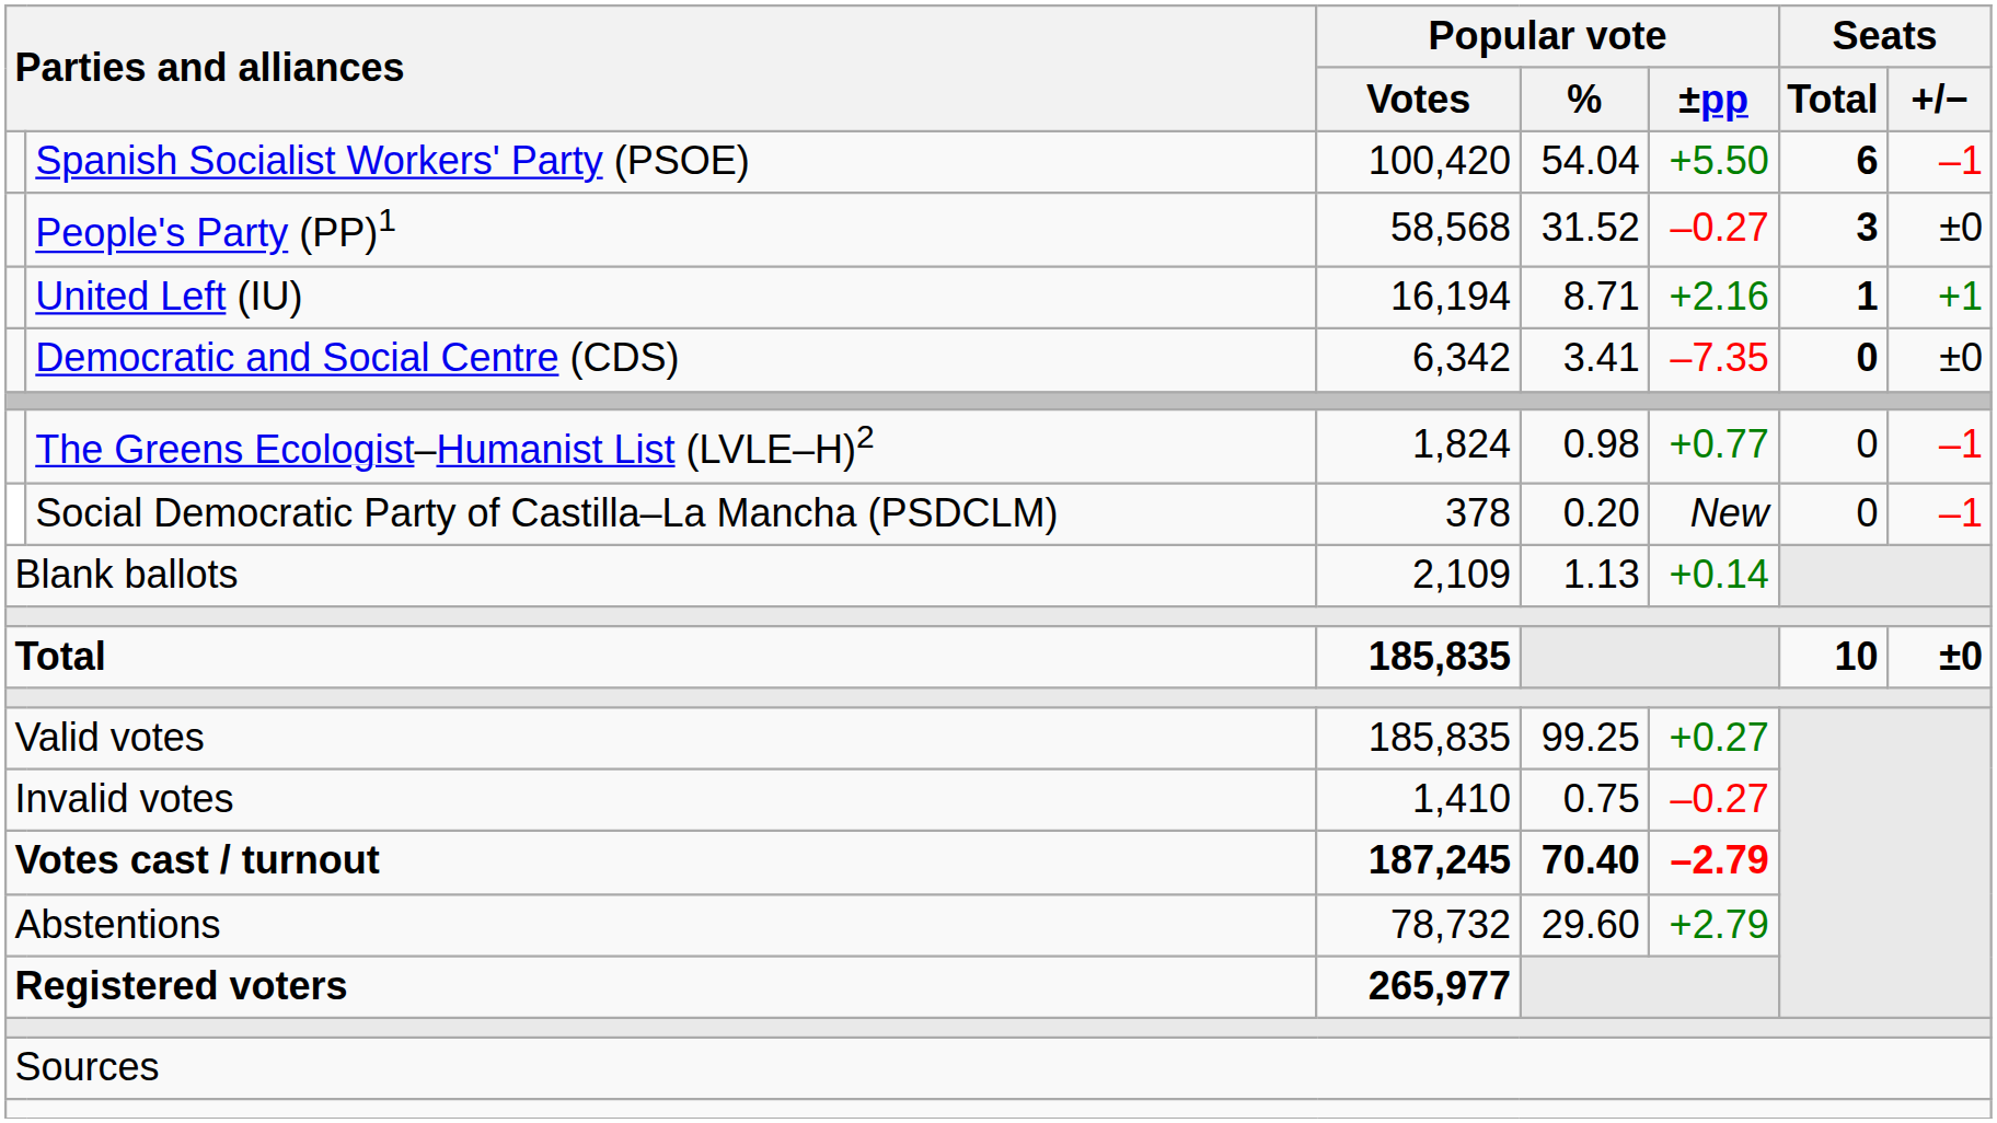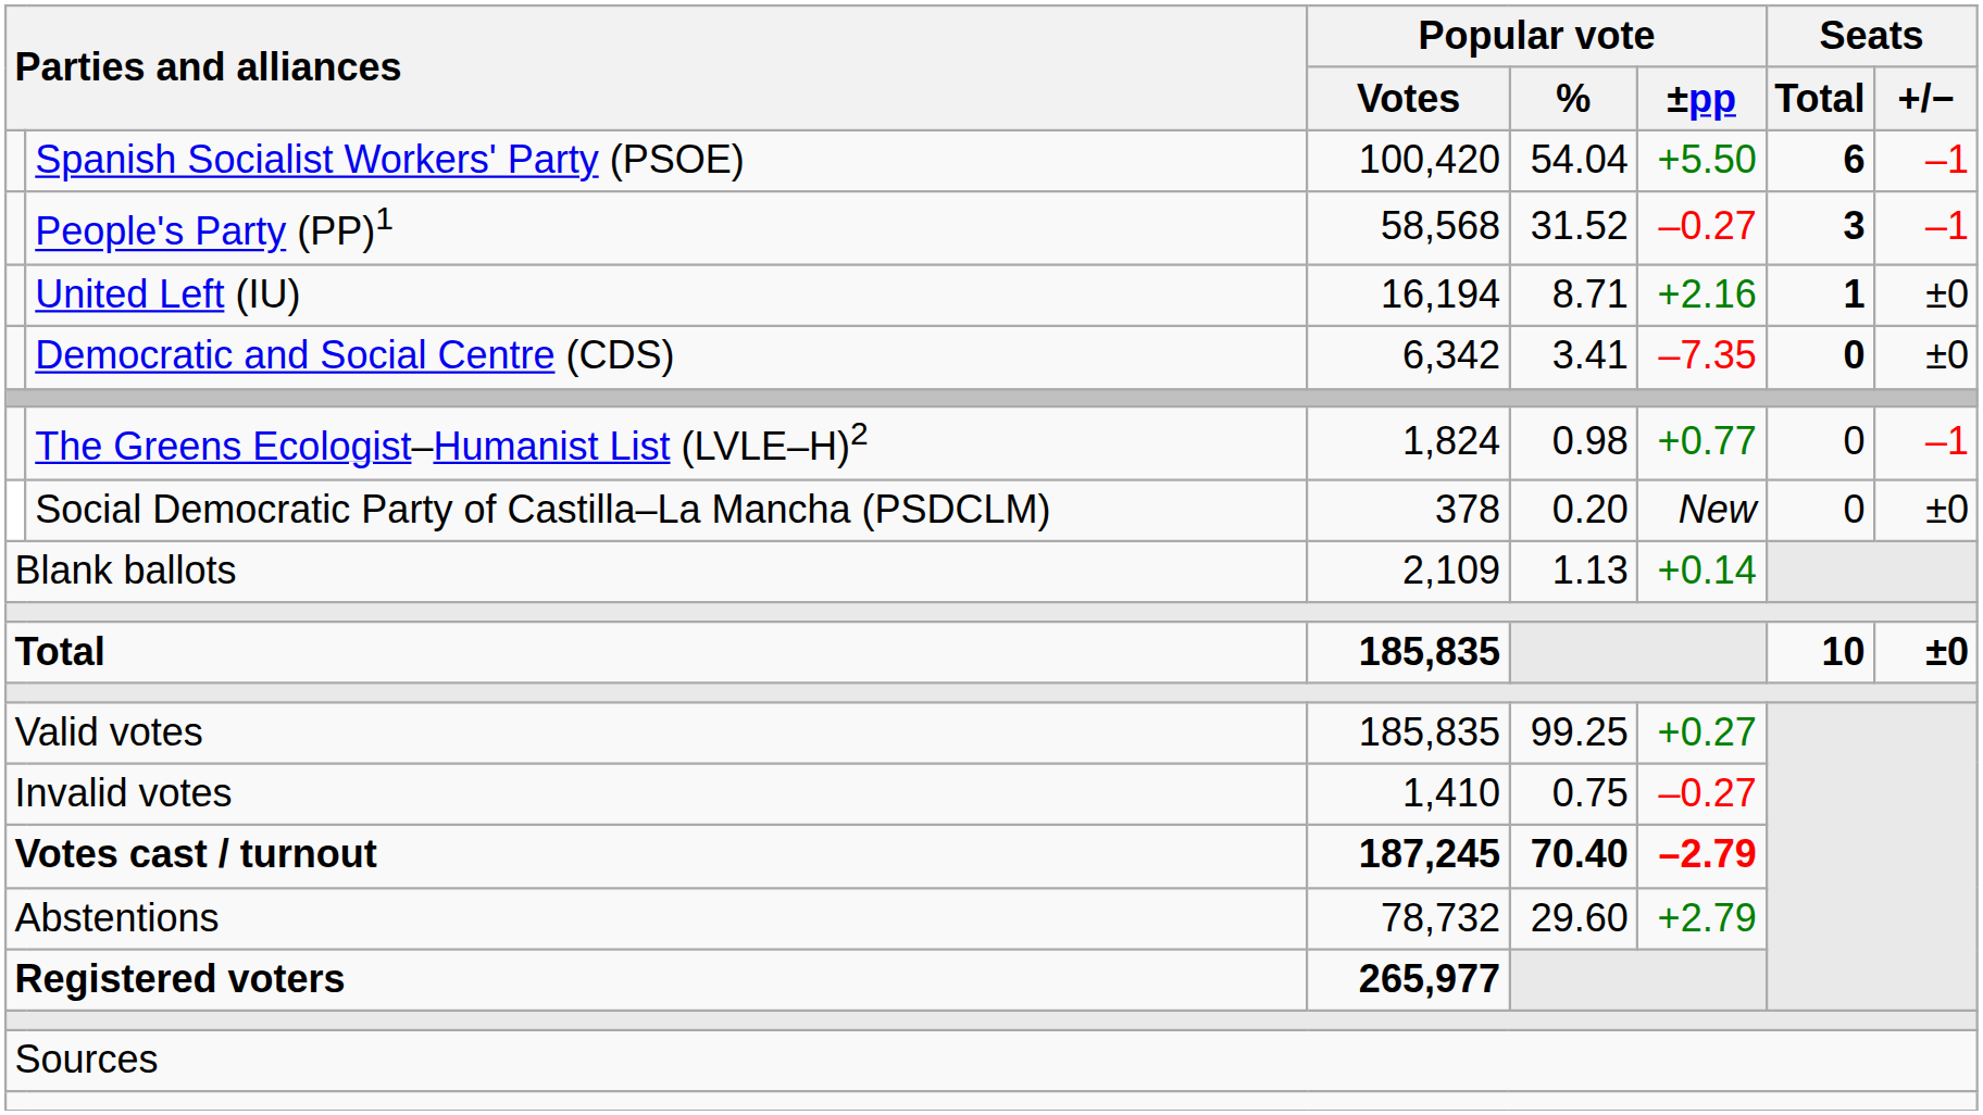 <table class="wikitable" style="text-align:right;">
 <tr>
 <th style="text-align:left;" rowspan="2" colspan="2" width="525">Parties and alliances</th>
 <th colspan="3">Popular vote</th>
 <th colspan="2">Seats</th>
 </tr>
 <tr>
 <th width="75">Votes</th>
 <th width="45">%</th>
 <th width="45">±<a href='#'>pp</a></th>
 <th width="35">Total</th>
 <th width="35">+/−</th>
 </tr>
 <tr>
 <td width="1" style="color:inherit;background:"></td>
 <td align="left"><a href='#'>Spanish Socialist Workers' Party</a> (PSOE)</td>
 <td>100,420</td>
 <td>54.04</td>
 <td style="color:green;">+5.50</td>
 <td><strong>6</strong></td>
 <td style="color:red;">–1</td>
 </tr>
 <tr>
 <td style="color:inherit;background:"></td>
 <td align="left"><a href='#'>People's Party</a> (PP)<sup>1</sup></td>
 <td>58,568</td>
 <td>31.52</td>
 <td style="color:red;">–0.27</td>
 <td><strong>3</strong></td>
-<td>±0</td>
+<td style="color:red;">–1</td>
 </tr>
 <tr>
 <td style="color:inherit;background:"></td>
 <td align="left"><a href='#'>United Left</a> (IU)</td>
 <td>16,194</td>
 <td>8.71</td>
 <td style="color:green;">+2.16</td>
 <td><strong>1</strong></td>
-<td style="color:green;">+1</td>
+<td>±0</td>
 </tr>
 <tr>
 <td style="color:inherit;background:"></td>
 <td align="left"><a href='#'>Democratic and Social Centre</a> (CDS)</td>
 <td>6,342</td>
 <td>3.41</td>
 <td style="color:red;">–7.35</td>
 <td><strong>0</strong></td>
 <td>±0</td>
 </tr>
 <tr>
 <td colspan="7" bgcolor="#C0C0C0"></td>
 </tr>
 <tr>
 <td style="color:inherit;background:"></td>
 <td align="left"><a href='#'>The Greens Ecologist</a>–<a href='#'>Humanist List</a> (LVLE–H)<sup>2</sup></td>
 <td>1,824</td>
 <td>0.98</td>
 <td style="color:green;">+0.77</td>
 <td>0</td>
 <td style="color:red;">–1</td>
 </tr>
 <tr>
 <td bgcolor="white"></td>
 <td align="left">Social Democratic Party of Castilla–La Mancha (PSDCLM)</td>
 <td>378</td>
 <td>0.20</td>
 <td><em>New</em></td>
 <td>0</td>
-<td style="color:red;">–1</td>
+<td>±0</td>
 </tr>
 <tr>
 <td align="left" colspan="2">Blank ballots</td>
 <td>2,109</td>
 <td>1.13</td>
 <td style="color:green;">+0.14</td>
 <td bgcolor="#E9E9E9" colspan="2"></td>
 </tr>
 <tr>
 <td colspan="7" bgcolor="#E9E9E9"></td>
 </tr>
 <tr style="font-weight:bold;">
 <td align="left" colspan="2">Total</td>
 <td>185,835</td>
 <td bgcolor="#E9E9E9" colspan="2"></td>
 <td>10</td>
 <td>±0</td>
 </tr>
 <tr>
 <td colspan="7" bgcolor="#E9E9E9"></td>
 </tr>
 <tr>
 <td align="left" colspan="2">Valid votes</td>
 <td>185,835</td>
 <td>99.25</td>
 <td style="color:green;">+0.27</td>
 <td bgcolor="#E9E9E9" colspan="2" rowspan="5"></td>
 </tr>
 <tr>
 <td align="left" colspan="2">Invalid votes</td>
 <td>1,410</td>
 <td>0.75</td>
 <td style="color:red;">–0.27</td>
 </tr>
 <tr style="font-weight:bold;">
 <td align="left" colspan="2">Votes cast / turnout</td>
 <td>187,245</td>
 <td>70.40</td>
 <td style="color:red;">–2.79</td>
 </tr>
 <tr>
 <td align="left" colspan="2">Abstentions</td>
 <td>78,732</td>
 <td>29.60</td>
 <td style="color:green;">+2.79</td>
 </tr>
 <tr style="font-weight:bold;">
 <td align="left" colspan="2">Registered voters</td>
 <td>265,977</td>
 <td bgcolor="#E9E9E9" colspan="2"></td>
 </tr>
 <tr>
 <td colspan="7" bgcolor="#E9E9E9"></td>
 </tr>
 <tr>
 <td align="left" colspan="7">Sources</td>
 </tr>
 <tr>
 <td colspan="7" style="text-align:left; max-width:790px;"></td>
 </tr>
 </table>
